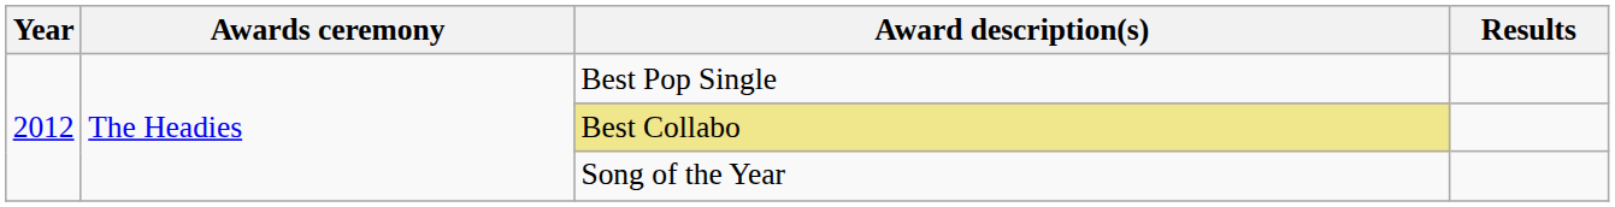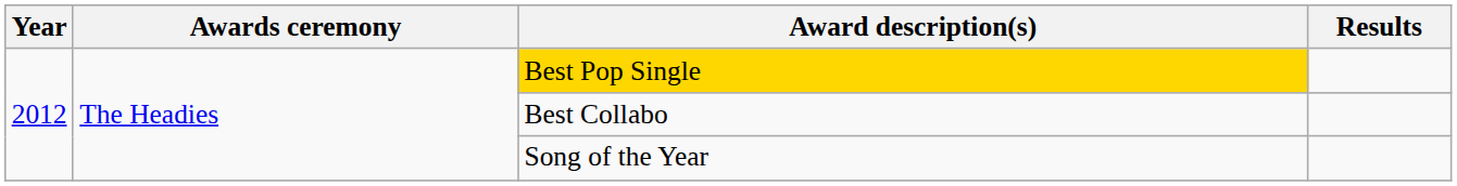 <table class="wikitable">
 <tr>
 <th>Year</th>
 <th width="250">Awards ceremony</th>
 <th width="450">Award description(s)</th>
 <th width="75">Results</th>
 </tr>
 <tr>
 <td rowspan="3"><a href='#'>2012</a></td>
 <td rowspan="3"><a href='#'>The Headies</a></td>
-<td>Best Pop Single</td>
+<td style="background: gold;">Best Pop Single</td>
 <td></td>
 </tr>
 <tr>
-<td style="background: khaki;">Best Collabo</td>
+<td>Best Collabo</td>
 <td></td>
 </tr>
 <tr>
 <td>Song of the Year</td>
 <td></td>
 </tr>
 </table>
